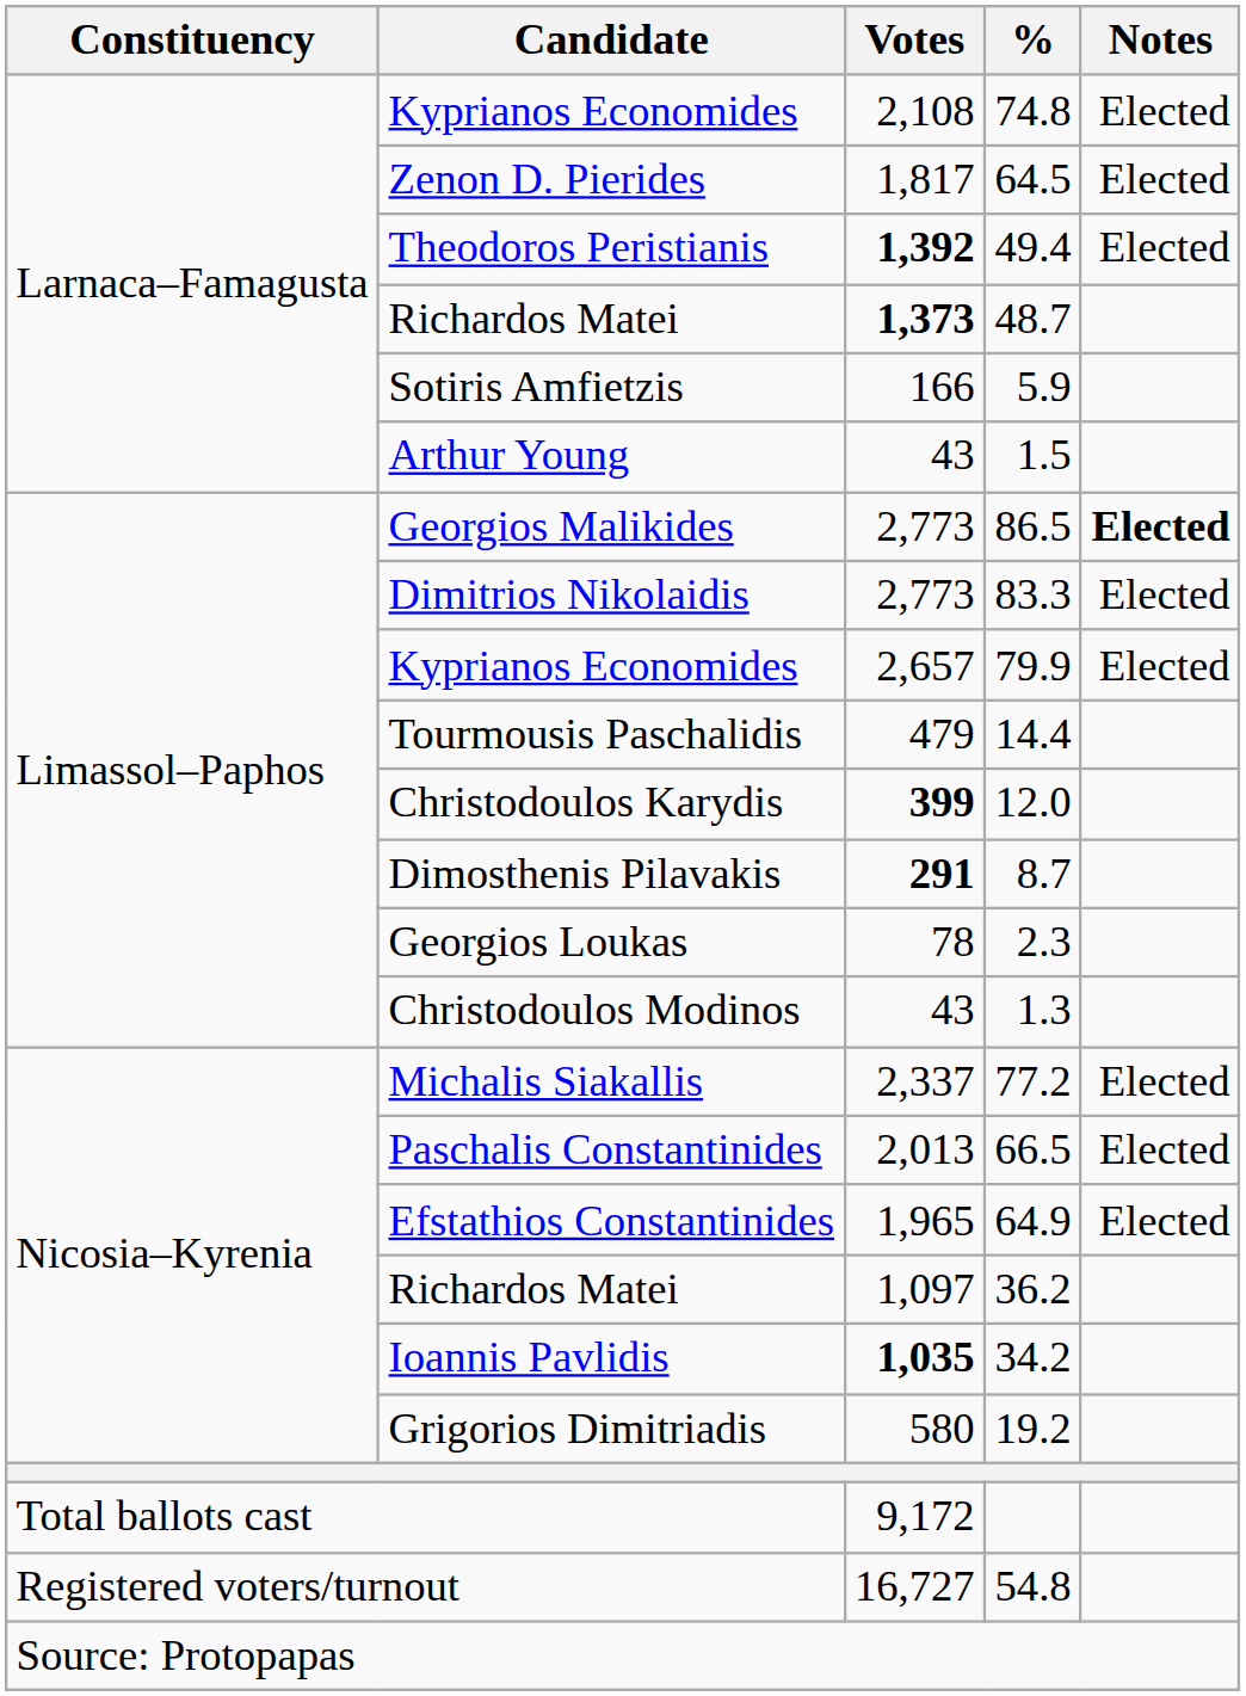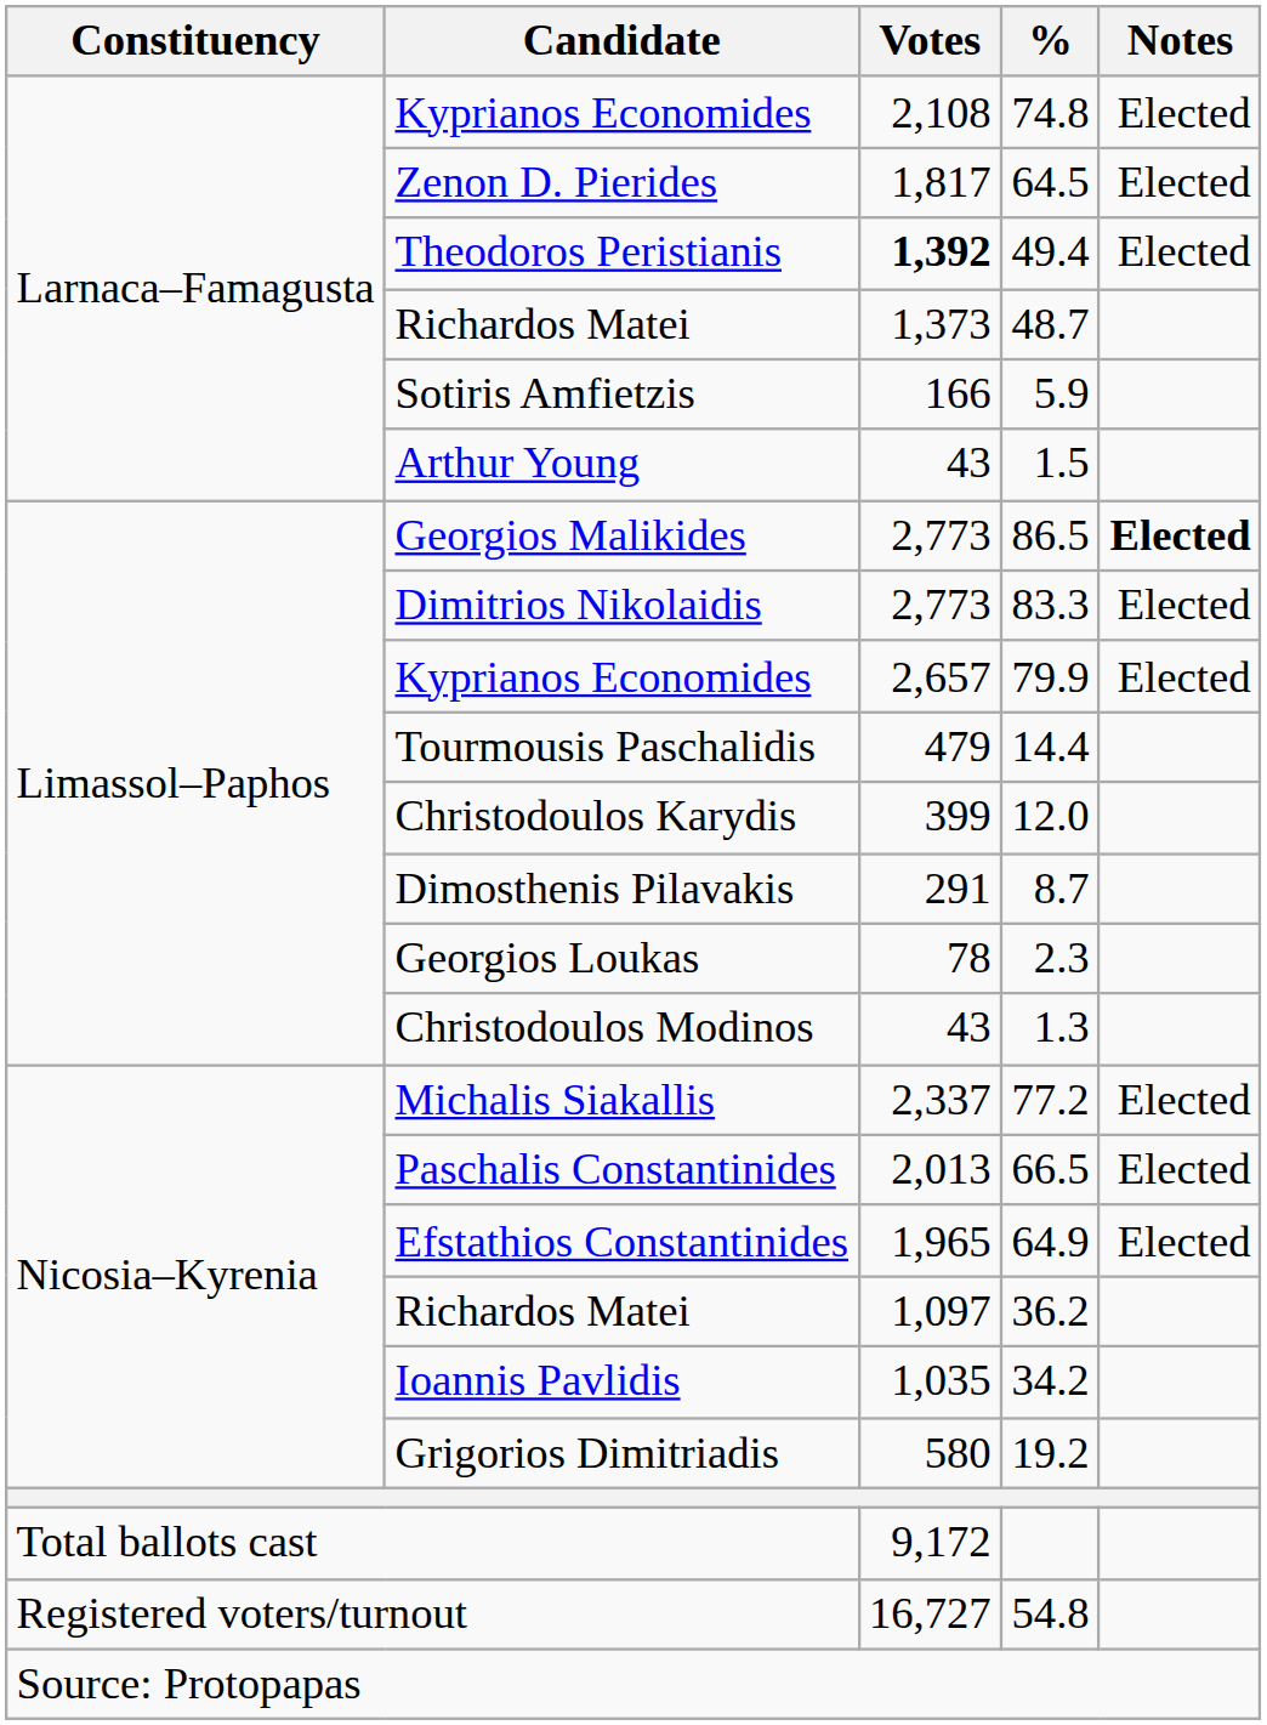 <table class=wikitable style=text-align:right>
 <tr>
 <th>Constituency</th>
 <th>Candidate</th>
 <th>Votes</th>
 <th>%</th>
 <th>Notes</th>
 </tr>
 <tr>
 <td rowspan=6 align=left>Larnaca–Famagusta</td>
 <td align=left><a href='#'>Kyprianos Economides</a></td>
 <td>2,108</td>
 <td>74.8</td>
 <td>Elected</td>
 </tr>
 <tr>
 <td align=left><a href='#'>Zenon D. Pierides</a></td>
 <td>1,817</td>
 <td>64.5</td>
 <td>Elected</td>
 </tr>
 <tr>
 <td align=left><a href='#'>Theodoros Peristianis</a></td>
 <td><strong>1,392</strong></td>
 <td>49.4</td>
 <td>Elected</td>
 </tr>
 <tr>
 <td align=left>Richardos Matei</td>
-<td><strong>1,373</strong></td>
+<td>1,373</td>
 <td>48.7</td>
 <td></td>
 </tr>
 <tr>
 <td align=left>Sotiris Amfietzis</td>
 <td>166</td>
 <td>5.9</td>
 <td></td>
 </tr>
 <tr>
 <td align=left><a href='#'>Arthur Young</a></td>
 <td>43</td>
 <td>1.5</td>
 <td></td>
 </tr>
 <tr>
 <td align=left rowspan=8>Limassol–Paphos</td>
 <td align=left><a href='#'>Georgios Malikides</a></td>
 <td>2,773</td>
 <td>86.5</td>
 <td><strong>Elected</strong></td>
 </tr>
 <tr>
 <td align=left><a href='#'>Dimitrios Nikolaidis</a></td>
 <td>2,773</td>
 <td>83.3</td>
 <td>Elected</td>
 </tr>
 <tr>
 <td align=left><a href='#'>Kyprianos Economides</a></td>
 <td>2,657</td>
 <td>79.9</td>
 <td>Elected</td>
 </tr>
 <tr>
 <td align=left>Tourmousis Paschalidis</td>
 <td>479</td>
 <td>14.4</td>
 <td></td>
 </tr>
 <tr>
 <td align=left>Christodoulos Karydis</td>
-<td><strong>399</strong></td>
+<td>399</td>
 <td>12.0</td>
 <td></td>
 </tr>
 <tr>
 <td align=left>Dimosthenis Pilavakis</td>
-<td><strong>291</strong></td>
+<td>291</td>
 <td>8.7</td>
 <td></td>
 </tr>
 <tr>
 <td align=left>Georgios Loukas</td>
 <td>78</td>
 <td>2.3</td>
 <td></td>
 </tr>
 <tr>
 <td align=left>Christodoulos Modinos</td>
 <td>43</td>
 <td>1.3</td>
 <td></td>
 </tr>
 <tr>
 <td align=left rowspan=6>Nicosia–Kyrenia</td>
 <td align=left><a href='#'>Michalis Siakallis</a></td>
 <td>2,337</td>
 <td>77.2</td>
 <td>Elected</td>
 </tr>
 <tr>
 <td align=left><a href='#'>Paschalis Constantinides</a></td>
 <td>2,013</td>
 <td>66.5</td>
 <td>Elected</td>
 </tr>
 <tr>
 <td align=left><a href='#'>Efstathios Constantinides</a></td>
 <td>1,965</td>
 <td>64.9</td>
 <td>Elected</td>
 </tr>
 <tr>
 <td align=left>Richardos Matei</td>
 <td>1,097</td>
 <td>36.2</td>
 <td></td>
 </tr>
 <tr>
 <td align=left><a href='#'>Ioannis Pavlidis</a></td>
-<td><strong>1,035</strong></td>
+<td>1,035</td>
 <td>34.2</td>
 <td></td>
 </tr>
 <tr>
 <td align=left>Grigorios Dimitriadis</td>
 <td>580</td>
 <td>19.2</td>
 <td></td>
 </tr>
 <tr>
 <th colspan=5></th>
 </tr>
 <tr>
 <td align=left colspan=2>Total ballots cast</td>
 <td>9,172</td>
 <td></td>
 <td></td>
 </tr>
 <tr>
 <td align=left colspan=2>Registered voters/turnout</td>
 <td>16,727</td>
 <td>54.8</td>
 <td></td>
 </tr>
 <tr>
 <td align=left colspan=5>Source: Protopapas</td>
 </tr>
 </table>
